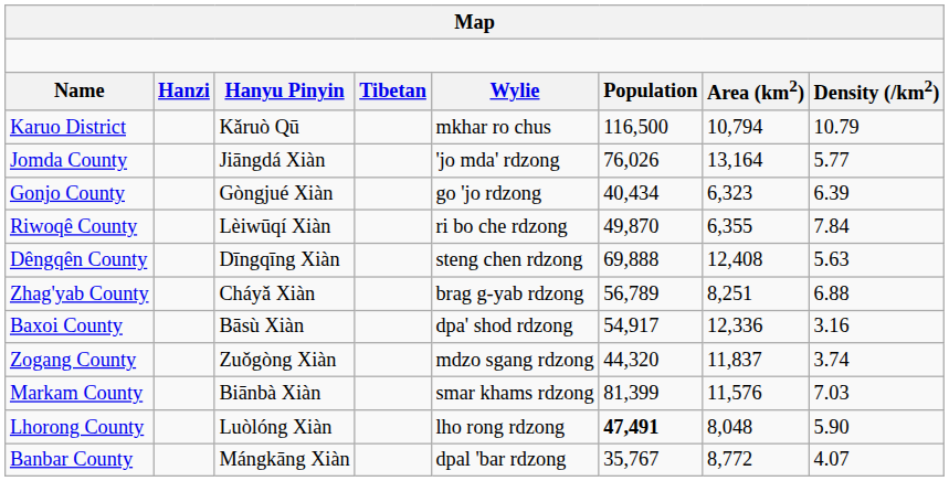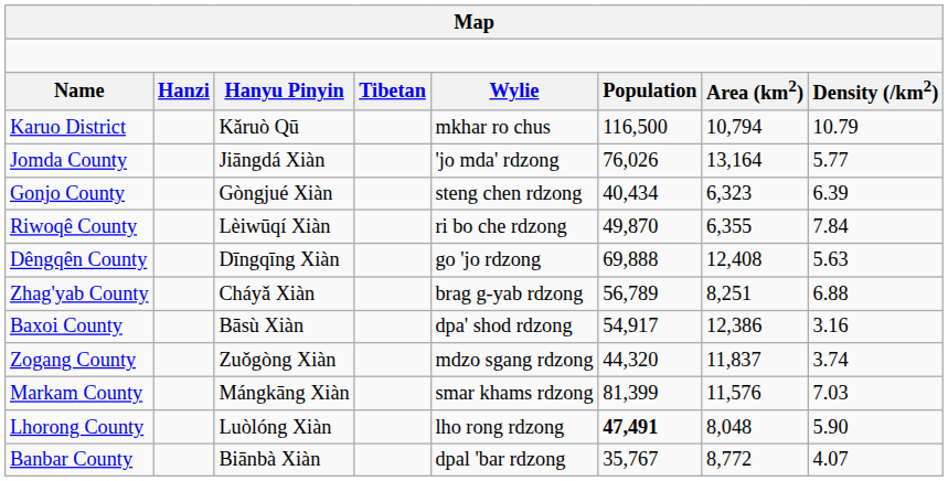 <table class="wikitable"  style="font-size:90%;" align=center>
 <tr>
 <th colspan="9" align="center">Map</th>
 </tr>
 <tr>
 <td colspan="9" align="center"><div><br>              </div></td>
 </tr>
 <tr>
 <th>Name</th>
 <th><a href='#'>Hanzi</a></th>
 <th><a href='#'>Hanyu Pinyin</a></th>
 <th><a href='#'>Tibetan</a></th>
 <th><a href='#'>Wylie</a></th>
 <th>Population </th>
 <th>Area (km<sup>2</sup>)</th>
 <th>Density (/km<sup>2</sup>)</th>
 </tr>
 <tr>
 <td><a href='#'>Karuo District</a></td>
 <td></td>
 <td>Kǎruò Qū</td>
 <td></td>
 <td>mkhar ro chus</td>
 <td>116,500</td>
 <td>10,794</td>
 <td>10.79</td>
 </tr>
 <tr>
 <td><a href='#'>Jomda County</a></td>
 <td></td>
 <td>Jiāngdá Xiàn</td>
 <td></td>
 <td>'jo mda' rdzong</td>
 <td>76,026</td>
 <td>13,164</td>
 <td>5.77</td>
 </tr>
 <tr>
 <td><a href='#'>Gonjo County</a></td>
 <td></td>
 <td>Gòngjué Xiàn</td>
 <td></td>
-<td>go 'jo rdzong</td>
+<td>steng chen rdzong</td>
 <td>40,434</td>
 <td>6,323</td>
 <td>6.39</td>
 </tr>
 <tr>
 <td><a href='#'>Riwoqê County</a></td>
 <td></td>
 <td>Lèiwūqí Xiàn</td>
 <td></td>
 <td>ri bo che rdzong</td>
 <td>49,870</td>
 <td>6,355</td>
 <td>7.84</td>
 </tr>
 <tr>
 <td><a href='#'>Dêngqên County</a></td>
 <td></td>
 <td>Dīngqīng Xiàn</td>
 <td></td>
-<td>steng chen rdzong</td>
+<td>go 'jo rdzong</td>
 <td>69,888</td>
 <td>12,408</td>
 <td>5.63</td>
 </tr>
 <tr>
 <td><a href='#'>Zhag'yab County</a></td>
 <td></td>
 <td>Cháyǎ Xiàn</td>
 <td></td>
 <td>brag g-yab rdzong</td>
 <td>56,789</td>
 <td>8,251</td>
 <td>6.88</td>
 </tr>
 <tr>
 <td><a href='#'>Baxoi County</a></td>
 <td></td>
 <td>Bāsù Xiàn</td>
 <td></td>
 <td>dpa' shod rdzong</td>
 <td>54,917</td>
-<td>12,336</td>
+<td>12,386</td>
 <td>3.16</td>
 </tr>
 <tr>
 <td><a href='#'>Zogang County</a></td>
 <td></td>
 <td>Zuǒgòng Xiàn</td>
 <td></td>
 <td>mdzo sgang rdzong</td>
 <td>44,320</td>
 <td>11,837</td>
 <td>3.74</td>
 </tr>
 <tr>
 <td><a href='#'>Markam County</a></td>
 <td></td>
-<td>Biānbà Xiàn</td>
+<td>Mángkāng Xiàn</td>
 <td></td>
 <td>smar khams rdzong</td>
 <td>81,399</td>
 <td>11,576</td>
 <td>7.03</td>
 </tr>
 <tr>
 <td><a href='#'>Lhorong County</a></td>
 <td></td>
 <td>Luòlóng Xiàn</td>
 <td></td>
 <td>lho rong rdzong</td>
 <td><strong>47,491</strong></td>
 <td>8,048</td>
 <td>5.90</td>
 </tr>
 <tr>
 <td><a href='#'>Banbar County</a></td>
 <td></td>
-<td>Mángkāng Xiàn</td>
+<td>Biānbà Xiàn</td>
 <td></td>
 <td>dpal 'bar rdzong</td>
 <td>35,767</td>
 <td>8,772</td>
 <td>4.07</td>
 </tr>
 </table>
